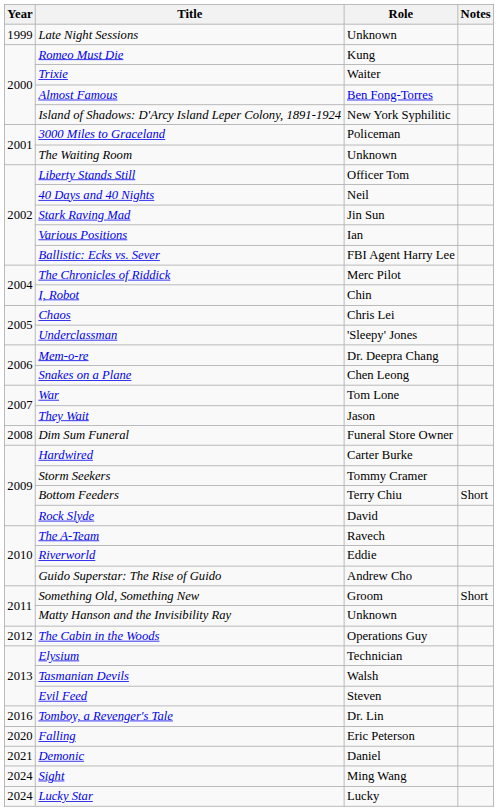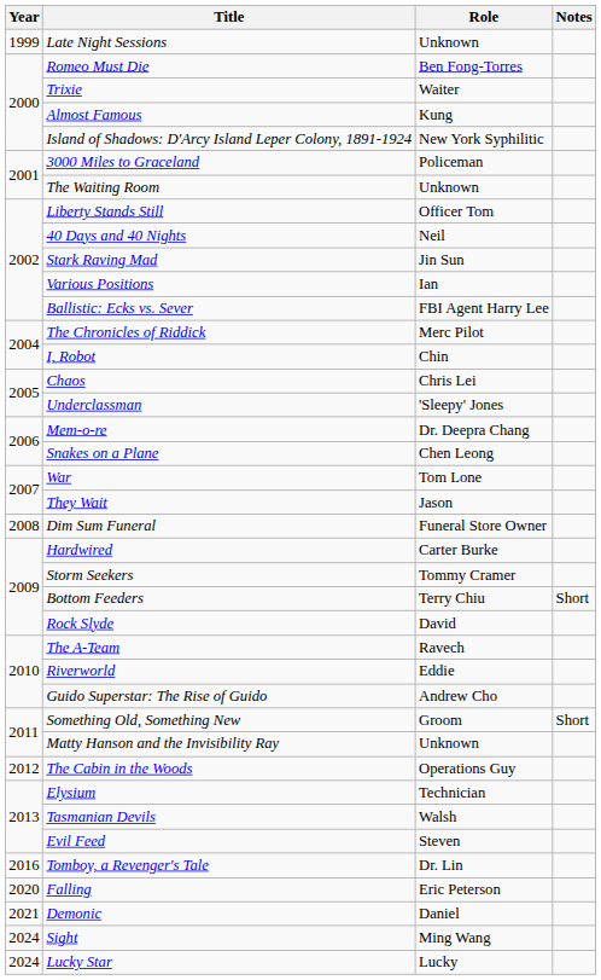 <table class="wikitable sortable">
 <tr>
 <th>Year</th>
 <th>Title</th>
 <th>Role</th>
 <th class="unsortable">Notes</th>
 </tr>
 <tr>
 <td>1999</td>
 <td><em>Late Night Sessions</em></td>
 <td>Unknown</td>
 <td></td>
 </tr>
 <tr>
 <td rowspan=4>2000</td>
 <td><em><a href='#'>Romeo Must Die</a></em></td>
-<td>Kung</td>
+<td><a href='#'>Ben Fong-Torres</a></td>
 <td></td>
 </tr>
 <tr>
 <td><em><a href='#'>Trixie</a></em></td>
 <td>Waiter</td>
 <td></td>
 </tr>
 <tr>
 <td><em><a href='#'>Almost Famous</a></em></td>
-<td><a href='#'>Ben Fong-Torres</a></td>
+<td>Kung</td>
 <td></td>
 </tr>
 <tr>
 <td><em>Island of Shadows: D'Arcy Island Leper Colony, 1891-1924</em></td>
 <td>New York Syphilitic</td>
 <td></td>
 </tr>
 <tr>
 <td rowspan=2>2001</td>
 <td><em><a href='#'>3000 Miles to Graceland</a></em></td>
 <td>Policeman</td>
 <td></td>
 </tr>
 <tr>
 <td data-sort-value="Waiting Room, The"><em>The Waiting Room</em></td>
 <td>Unknown</td>
 <td></td>
 </tr>
 <tr>
 <td rowspan=5>2002</td>
 <td><em><a href='#'>Liberty Stands Still</a></em></td>
 <td>Officer Tom</td>
 <td></td>
 </tr>
 <tr>
 <td><em><a href='#'>40 Days and 40 Nights</a></em></td>
 <td>Neil</td>
 <td></td>
 </tr>
 <tr>
 <td><em><a href='#'>Stark Raving Mad</a></em></td>
 <td>Jin Sun</td>
 <td></td>
 </tr>
 <tr>
 <td><em><a href='#'>Various Positions</a></em></td>
 <td>Ian</td>
 <td></td>
 </tr>
 <tr>
 <td><em><a href='#'>Ballistic: Ecks vs. Sever</a></em></td>
 <td>FBI Agent Harry Lee</td>
 <td></td>
 </tr>
 <tr>
 <td rowspan=2>2004</td>
 <td data-sort-value="Chronicles of Riddick, The"><em><a href='#'>The Chronicles of Riddick</a></em></td>
 <td>Merc Pilot</td>
 <td></td>
 </tr>
 <tr>
 <td><em><a href='#'>I, Robot</a></em></td>
 <td>Chin</td>
 <td></td>
 </tr>
 <tr>
 <td rowspan=2>2005</td>
 <td><em><a href='#'>Chaos</a></em></td>
 <td>Chris Lei</td>
 <td></td>
 </tr>
 <tr>
 <td><em><a href='#'>Underclassman</a></em></td>
 <td>'Sleepy' Jones</td>
 <td></td>
 </tr>
 <tr>
 <td rowspan=2>2006</td>
 <td><em><a href='#'>Mem-o-re</a></em></td>
 <td>Dr. Deepra Chang</td>
 <td></td>
 </tr>
 <tr>
 <td><em><a href='#'>Snakes on a Plane</a></em></td>
 <td>Chen Leong</td>
 <td></td>
 </tr>
 <tr>
 <td rowspan=2>2007</td>
 <td><em><a href='#'>War</a></em></td>
 <td>Tom Lone</td>
 <td></td>
 </tr>
 <tr>
 <td><em><a href='#'>They Wait</a></em></td>
 <td>Jason</td>
 <td></td>
 </tr>
 <tr>
 <td>2008</td>
 <td><em>Dim Sum Funeral</em></td>
 <td>Funeral Store Owner</td>
 <td></td>
 </tr>
 <tr>
 <td rowspan=4>2009</td>
 <td><em><a href='#'>Hardwired</a></em></td>
 <td>Carter Burke</td>
 <td></td>
 </tr>
 <tr>
 <td><em>Storm Seekers</em></td>
 <td>Tommy Cramer</td>
 <td></td>
 </tr>
 <tr>
 <td><em>Bottom Feeders</em></td>
 <td>Terry Chiu</td>
 <td>Short</td>
 </tr>
 <tr>
 <td><em><a href='#'>Rock Slyde</a></em></td>
 <td>David</td>
 <td></td>
 </tr>
 <tr>
 <td rowspan=3>2010</td>
 <td data-sort-value="A-Team, The"><em><a href='#'>The A-Team</a></em></td>
 <td>Ravech</td>
 <td></td>
 </tr>
 <tr>
 <td><em><a href='#'>Riverworld</a></em></td>
 <td>Eddie</td>
 <td></td>
 </tr>
 <tr>
 <td><em>Guido Superstar: The Rise of Guido</em></td>
 <td>Andrew Cho</td>
 <td></td>
 </tr>
 <tr>
 <td rowspan=2>2011</td>
 <td><em>Something Old, Something New</em></td>
 <td>Groom</td>
 <td>Short</td>
 </tr>
 <tr>
 <td><em>Matty Hanson and the Invisibility Ray</em></td>
 <td>Unknown</td>
 <td></td>
 </tr>
 <tr>
 <td>2012</td>
 <td data-sort-value="Cabin in the Woods, The"><em><a href='#'>The Cabin in the Woods</a></em></td>
 <td>Operations Guy</td>
 <td></td>
 </tr>
 <tr>
 <td rowspan=3>2013</td>
 <td><em><a href='#'>Elysium</a></em></td>
 <td>Technician</td>
 <td></td>
 </tr>
 <tr>
 <td><em><a href='#'>Tasmanian Devils</a></em></td>
 <td>Walsh</td>
 <td></td>
 </tr>
 <tr>
 <td><em><a href='#'>Evil Feed</a></em></td>
 <td>Steven</td>
 <td></td>
 </tr>
 <tr>
 <td>2016</td>
 <td><em><a href='#'>Tomboy, a Revenger's Tale</a></em></td>
 <td>Dr. Lin</td>
 <td></td>
 </tr>
 <tr>
 <td>2020</td>
 <td><em><a href='#'>Falling</a></em></td>
 <td>Eric Peterson</td>
 <td></td>
 </tr>
 <tr>
 <td>2021</td>
 <td><em><a href='#'>Demonic</a></em></td>
 <td>Daniel</td>
 <td></td>
 </tr>
 <tr>
 <td>2024</td>
 <td><em><a href='#'>Sight</a></em></td>
 <td>Ming Wang</td>
 <td></td>
 </tr>
 <tr>
 <td>2024</td>
 <td><em><a href='#'>Lucky Star</a></em></td>
 <td>Lucky</td>
 <td></td>
 </tr>
 </table>
